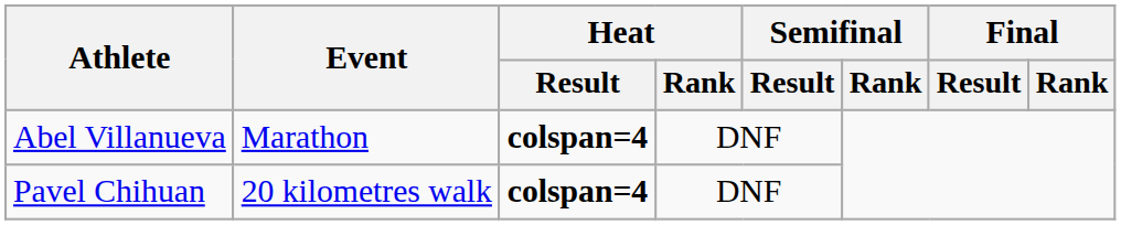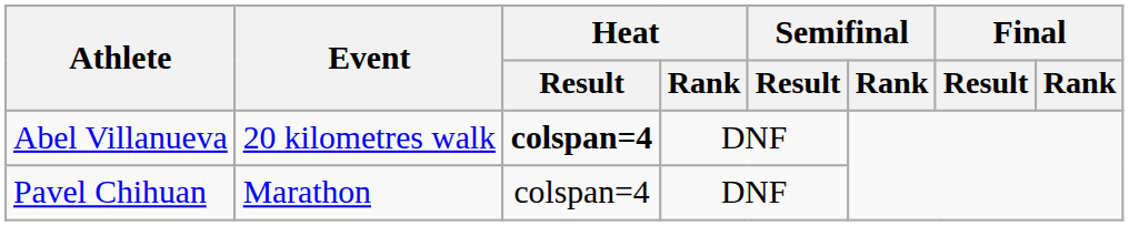 <table class="wikitable" style="font-size:90%">
 <tr>
 <th rowspan="2">Athlete</th>
 <th rowspan="2">Event</th>
 <th colspan="2">Heat</th>
 <th colspan="2">Semifinal</th>
 <th colspan="2">Final</th>
 </tr>
 <tr style="font-size:95%">
 <th>Result</th>
 <th>Rank</th>
 <th>Result</th>
 <th>Rank</th>
 <th>Result</th>
 <th>Rank</th>
 </tr>
 <tr style=text-align:center>
 <td style=text-align:left><a href='#'>Abel Villanueva</a></td>
-<td style=text-align:left><a href='#'>Marathon</a></td>
+<td style=text-align:left><a href='#'>20 kilometres walk</a></td>
 <td><strong>colspan=4 </strong></td>
 <td colspan=2>DNF</td>
 </tr>
 <tr style=text-align:center>
 <td style=text-align:left><a href='#'>Pavel Chihuan</a></td>
-<td style=text-align:left><a href='#'>20 kilometres walk</a></td>
-<td><strong>colspan=4 </strong></td>
+<td style=text-align:left><a href='#'>Marathon</a></td>
+<td>colspan=4 </td>
 <td colspan=2>DNF</td>
 </tr>
 </table>
